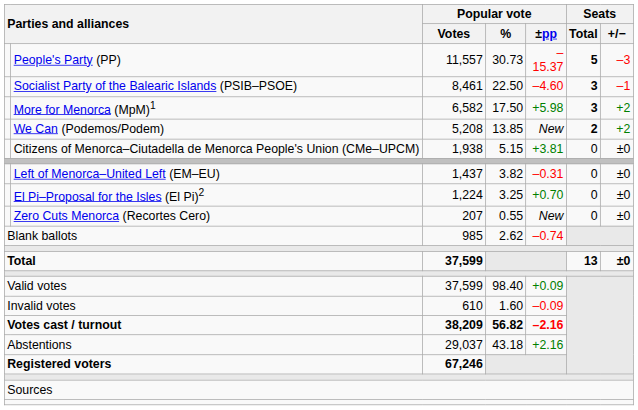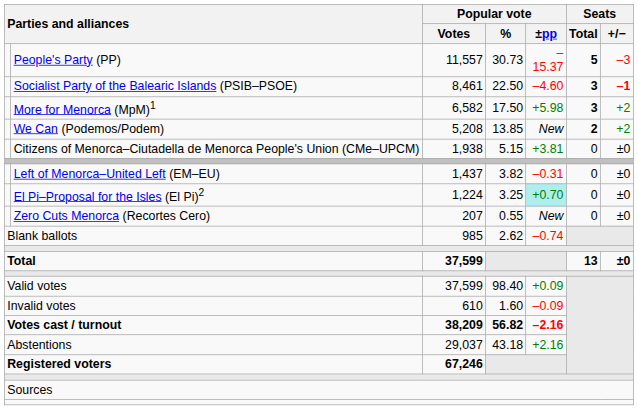 <table class="wikitable" style="text-align:right;">
 <tr>
 <th style="text-align:left;" rowspan="2" colspan="2" width="525">Parties and alliances</th>
 <th colspan="3">Popular vote</th>
 <th colspan="2">Seats</th>
 </tr>
 <tr>
 <th width="75">Votes</th>
 <th width="45">%</th>
 <th width="45">±<a href='#'>pp</a></th>
 <th width="35">Total</th>
 <th width="35">+/−</th>
 </tr>
 <tr>
 <td width="1" style="color:inherit;background:"></td>
 <td align="left"><a href='#'>People's Party</a> (PP)</td>
 <td>11,557</td>
 <td>30.73</td>
 <td style="color:red;">–15.37</td>
 <td><strong>5</strong></td>
 <td style="color:red;">–3</td>
 </tr>
 <tr>
 <td style="color:inherit;background:"></td>
 <td align="left"><a href='#'>Socialist Party of the Balearic Islands</a> (PSIB–PSOE)</td>
 <td>8,461</td>
 <td>22.50</td>
 <td style="color:red;">–4.60</td>
 <td><strong>3</strong></td>
-<td style="color:red;">–1</td>
+<td style="color:red;"><strong>–1</strong></td>
 </tr>
 <tr>
 <td style="color:inherit;background:"></td>
 <td align="left"><a href='#'>More for Menorca</a> (MpM)<sup>1</sup></td>
 <td>6,582</td>
 <td>17.50</td>
 <td style="color:green;">+5.98</td>
 <td><strong>3</strong></td>
 <td style="color:green;">+2</td>
 </tr>
 <tr>
 <td style="color:inherit;background:"></td>
 <td align="left"><a href='#'>We Can</a> (Podemos/Podem)</td>
 <td>5,208</td>
 <td>13.85</td>
 <td><em>New</em></td>
 <td><strong>2</strong></td>
 <td style="color:green;">+2</td>
 </tr>
 <tr>
 <td style="color:inherit;background:"></td>
 <td align="left">Citizens of Menorca–Ciutadella de Menorca People's Union (CMe–UPCM)</td>
 <td>1,938</td>
 <td>5.15</td>
 <td style="color:green;">+3.81</td>
 <td>0</td>
 <td>±0</td>
 </tr>
 <tr>
 <td colspan="7" bgcolor="#C0C0C0"></td>
 </tr>
 <tr>
 <td style="color:inherit;background:"></td>
 <td align="left"><a href='#'>Left of Menorca–United Left</a> (EM–EU)</td>
 <td>1,437</td>
 <td>3.82</td>
 <td style="color:red;">–0.31</td>
 <td>0</td>
 <td>±0</td>
 </tr>
 <tr>
 <td style="color:inherit;background:"></td>
 <td align="left"><a href='#'>El Pi–Proposal for the Isles</a> (El Pi)<sup>2</sup></td>
 <td>1,224</td>
 <td>3.25</td>
-<td style="color:green;">+0.70</td>
+<td style="background: paleturquoise; color:green;">+0.70</td>
 <td>0</td>
 <td>±0</td>
 </tr>
 <tr>
 <td style="color:inherit;background:"></td>
 <td align="left"><a href='#'>Zero Cuts Menorca</a> (Recortes Cero)</td>
 <td>207</td>
 <td>0.55</td>
 <td><em>New</em></td>
 <td>0</td>
 <td>±0</td>
 </tr>
 <tr>
 <td align="left" colspan="2">Blank ballots</td>
 <td>985</td>
 <td>2.62</td>
 <td style="color:red;">–0.74</td>
 <td bgcolor="#E9E9E9" colspan="2"></td>
 </tr>
 <tr>
 <td colspan="7" bgcolor="#E9E9E9"></td>
 </tr>
 <tr style="font-weight:bold;">
 <td align="left" colspan="2">Total</td>
 <td>37,599</td>
 <td bgcolor="#E9E9E9" colspan="2"></td>
 <td>13</td>
 <td>±0</td>
 </tr>
 <tr>
 <td colspan="7" bgcolor="#E9E9E9"></td>
 </tr>
 <tr>
 <td align="left" colspan="2">Valid votes</td>
 <td>37,599</td>
 <td>98.40</td>
 <td style="color:green;">+0.09</td>
 <td bgcolor="#E9E9E9" colspan="2" rowspan="5"></td>
 </tr>
 <tr>
 <td align="left" colspan="2">Invalid votes</td>
 <td>610</td>
 <td>1.60</td>
 <td style="color:red;">–0.09</td>
 </tr>
 <tr style="font-weight:bold;">
 <td align="left" colspan="2">Votes cast / turnout</td>
 <td>38,209</td>
 <td>56.82</td>
 <td style="color:red;">–2.16</td>
 </tr>
 <tr>
 <td align="left" colspan="2">Abstentions</td>
 <td>29,037</td>
 <td>43.18</td>
 <td style="color:green;">+2.16</td>
 </tr>
 <tr style="font-weight:bold;">
 <td align="left" colspan="2">Registered voters</td>
 <td>67,246</td>
 <td bgcolor="#E9E9E9" colspan="2"></td>
 </tr>
 <tr>
 <td colspan="7" bgcolor="#E9E9E9"></td>
 </tr>
 <tr>
 <td align="left" colspan="7">Sources</td>
 </tr>
 <tr>
 <td colspan="7" style="text-align:left; max-width:790px;"></td>
 </tr>
 </table>
